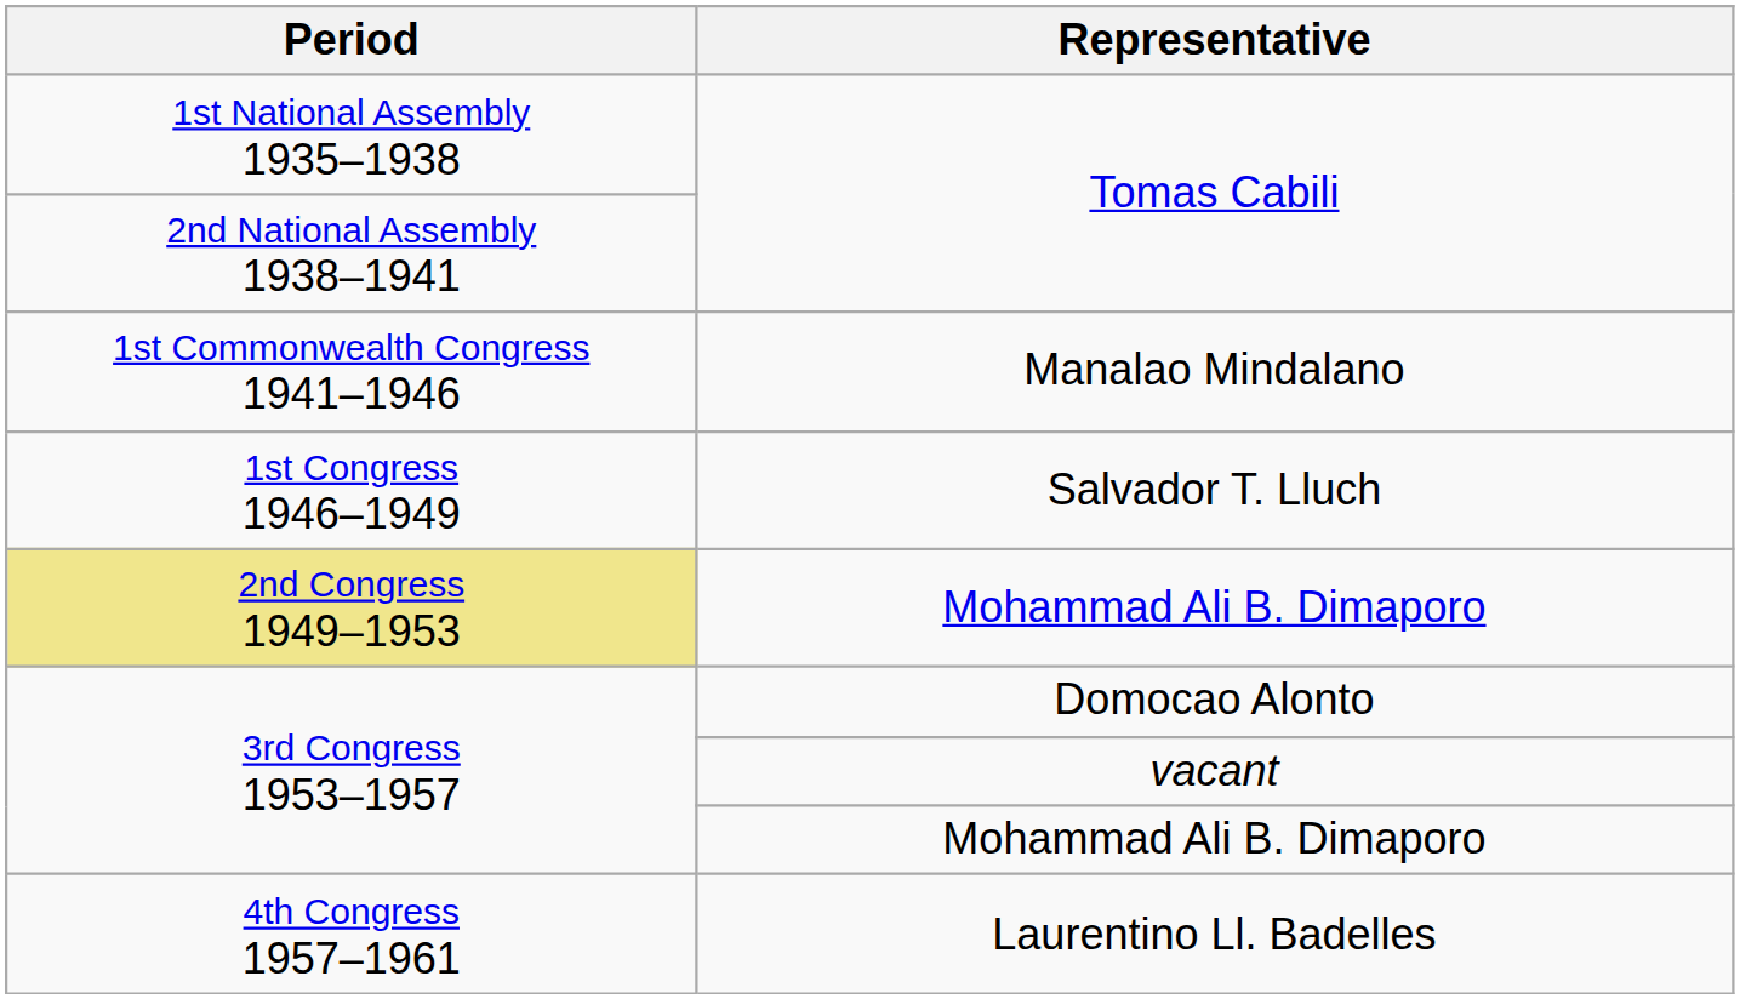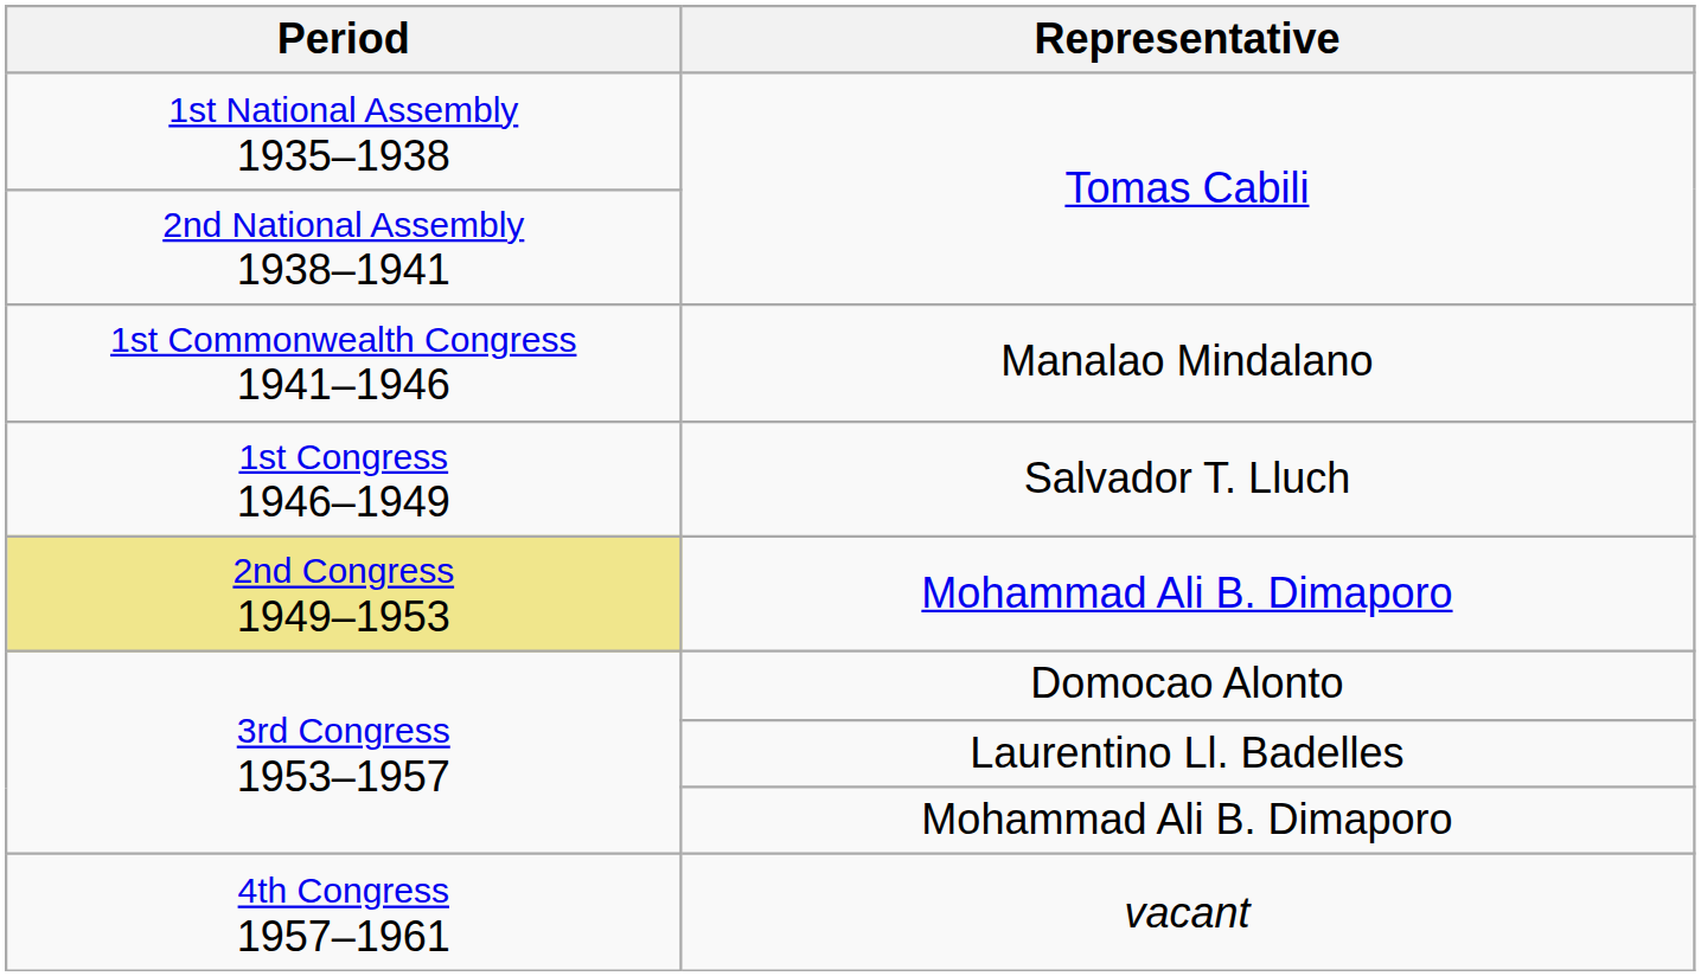 <table class="wikitable" style="text-align:center; width:40%;">
 <tr>
 <th width=40%>Period</th>
 <th>Representative</th>
 </tr>
 <tr>
 <td><small><a href='#'>1st National Assembly</a></small><br>1935–1938</td>
 <td rowspan=2><a href='#'>Tomas Cabili</a></td>
 </tr>
 <tr>
 <td><small><a href='#'>2nd National Assembly</a></small><br>1938–1941</td>
 </tr>
 <tr>
 <td><small><a href='#'>1st Commonwealth Congress</a></small><br>1941–1946</td>
 <td>Manalao Mindalano</td>
 </tr>
 <tr>
 <td><small><a href='#'>1st Congress</a></small><br>1946–1949</td>
 <td>Salvador T. Lluch</td>
 </tr>
 <tr>
 <td style="background: khaki;"><small><a href='#'>2nd Congress</a></small><br>1949–1953</td>
 <td><a href='#'>Mohammad Ali B. Dimaporo</a></td>
 </tr>
 <tr>
 <td rowspan=3><small><a href='#'>3rd Congress</a></small><br>1953–1957</td>
 <td>Domocao Alonto</td>
 </tr>
 <tr>
-<td><em>vacant</em></td>
+<td>Laurentino Ll. Badelles</td>
 </tr>
 <tr>
 <td>Mohammad Ali B. Dimaporo</td>
 </tr>
 <tr>
 <td><small><a href='#'>4th Congress</a></small><br>1957–1961</td>
-<td>Laurentino Ll. Badelles</td>
+<td><em>vacant</em></td>
 </tr>
 </table>
